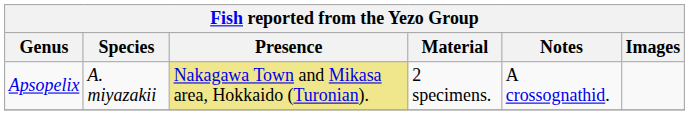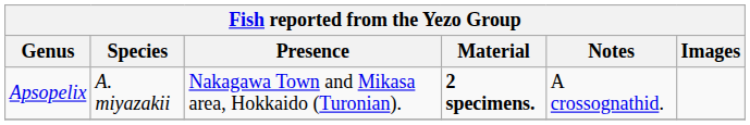 <table class="wikitable" align="center">
 <tr>
 <th colspan="6" align="center"><strong><a href='#'>Fish</a> reported from the Yezo Group</strong></th>
 </tr>
 <tr>
 <th>Genus</th>
 <th>Species</th>
 <th>Presence</th>
 <th><strong>Material</strong></th>
 <th>Notes</th>
 <th>Images</th>
 </tr>
 <tr>
 <td><em><a href='#'>Apsopelix</a></em></td>
 <td><em>A. miyazakii</em></td>
-<td style="background: khaki;"><a href='#'>Nakagawa Town</a> and <a href='#'>Mikasa</a> area, Hokkaido (<a href='#'>Turonian</a>).</td>
-<td>2 specimens.</td>
+<td><a href='#'>Nakagawa Town</a> and <a href='#'>Mikasa</a> area, Hokkaido (<a href='#'>Turonian</a>).</td>
+<td><strong>2 specimens.</strong></td>
 <td>A <a href='#'>crossognathid</a>.</td>
 <td></td>
 </tr>
 <tr>
 </tr>
 </table>
